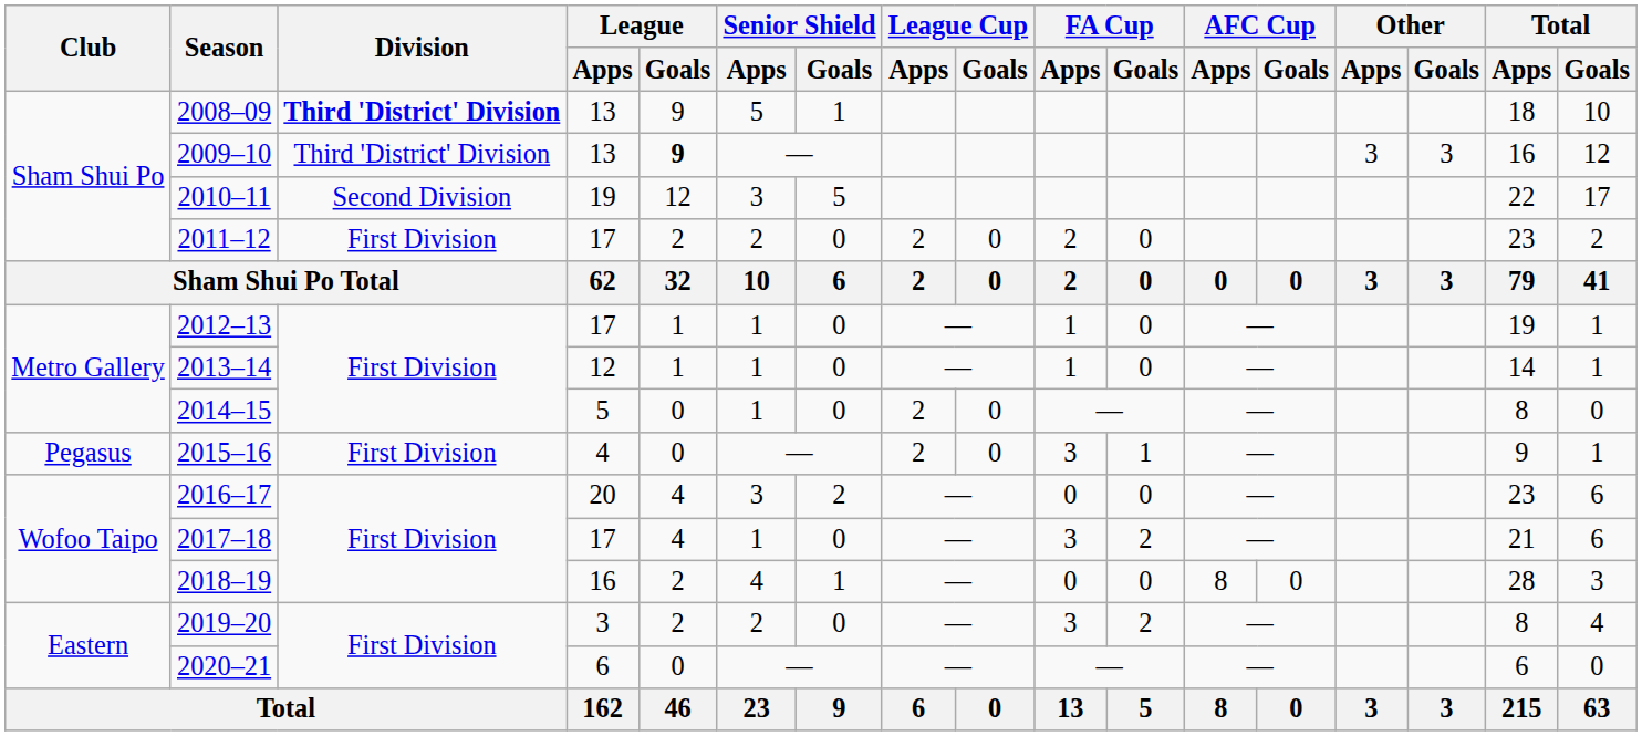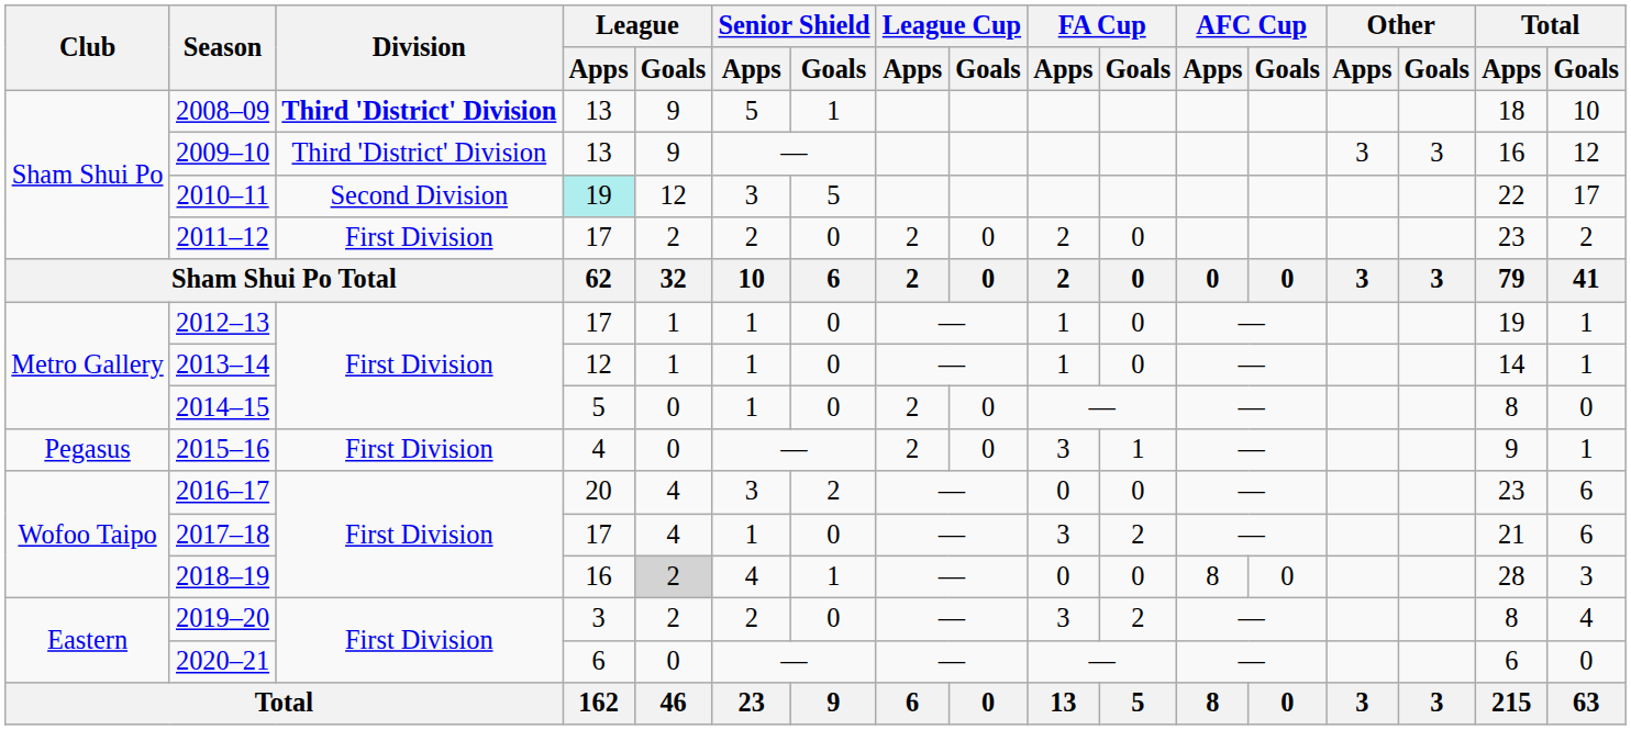 <table class="wikitable" style="text-align: center;">
 <tr>
 <th rowspan="2">Club</th>
 <th rowspan="2">Season</th>
 <th rowspan="2">Division</th>
 <th colspan="2">League</th>
 <th colspan="2"><a href='#'>Senior Shield</a></th>
 <th colspan="2"><a href='#'>League Cup</a></th>
 <th colspan="2"><a href='#'>FA Cup</a></th>
 <th colspan="2"><a href='#'>AFC Cup</a></th>
 <th colspan="2">Other</th>
 <th colspan="2">Total</th>
 </tr>
 <tr>
 <th>Apps</th>
 <th>Goals</th>
 <th>Apps</th>
 <th>Goals</th>
 <th>Apps</th>
 <th>Goals</th>
 <th>Apps</th>
 <th>Goals</th>
 <th>Apps</th>
 <th>Goals</th>
 <th>Apps</th>
 <th>Goals</th>
 <th>Apps</th>
 <th>Goals</th>
 </tr>
 <tr>
 <td rowspan="4" valign="center"><a href='#'>Sham Shui Po</a></td>
 <td><a href='#'>2008–09</a></td>
 <td><strong><a href='#'>Third 'District' Division</a></strong></td>
 <td>13</td>
 <td>9</td>
 <td>5</td>
 <td>1</td>
 <td></td>
 <td></td>
 <td></td>
 <td></td>
 <td></td>
 <td></td>
 <td></td>
 <td></td>
 <td>18</td>
 <td>10</td>
 </tr>
 <tr>
 <td><a href='#'>2009–10</a></td>
 <td><a href='#'>Third 'District' Division</a></td>
 <td>13</td>
-<td><strong>9</strong></td>
+<td>9</td>
 <td colspan="2">—</td>
 <td></td>
 <td></td>
 <td></td>
 <td></td>
 <td></td>
 <td></td>
 <td>3</td>
 <td>3</td>
 <td>16</td>
 <td>12</td>
 </tr>
 <tr>
 <td><a href='#'>2010–11</a></td>
 <td><a href='#'>Second Division</a></td>
-<td>19</td>
+<td style="background: paleturquoise;">19</td>
 <td>12</td>
 <td>3</td>
 <td>5</td>
 <td></td>
 <td></td>
 <td></td>
 <td></td>
 <td></td>
 <td></td>
 <td></td>
 <td></td>
 <td>22</td>
 <td>17</td>
 </tr>
 <tr>
 <td><a href='#'>2011–12</a></td>
 <td><a href='#'>First Division</a></td>
 <td>17</td>
 <td>2</td>
 <td>2</td>
 <td>0</td>
 <td>2</td>
 <td>0</td>
 <td>2</td>
 <td>0</td>
 <td></td>
 <td></td>
 <td></td>
 <td></td>
 <td>23</td>
 <td>2</td>
 </tr>
 <tr>
 <th colspan="3">Sham Shui Po Total</th>
 <th>62</th>
 <th>32</th>
 <th>10</th>
 <th>6</th>
 <th>2</th>
 <th>0</th>
 <th>2</th>
 <th>0</th>
 <th>0</th>
 <th>0</th>
 <th>3</th>
 <th>3</th>
 <th>79</th>
 <th>41</th>
 </tr>
 <tr>
 <td rowspan="3" valign="center"><a href='#'>Metro Gallery</a></td>
 <td><a href='#'>2012–13</a></td>
 <td rowspan="3"><a href='#'>First Division</a></td>
 <td>17</td>
 <td>1</td>
 <td>1</td>
 <td>0</td>
 <td colspan=2>—</td>
 <td>1</td>
 <td>0</td>
 <td colspan="2">—</td>
 <td></td>
 <td></td>
 <td>19</td>
 <td>1</td>
 </tr>
 <tr>
 <td><a href='#'>2013–14</a></td>
 <td>12</td>
 <td>1</td>
 <td>1</td>
 <td>0</td>
 <td colspan="2">—</td>
 <td>1</td>
 <td>0</td>
 <td colspan="2">—</td>
 <td></td>
 <td></td>
 <td>14</td>
 <td>1</td>
 </tr>
 <tr>
 <td><a href='#'>2014–15</a></td>
 <td>5</td>
 <td>0</td>
 <td>1</td>
 <td>0</td>
 <td>2</td>
 <td>0</td>
 <td colspan="2">—</td>
 <td colspan="2">—</td>
 <td></td>
 <td></td>
 <td>8</td>
 <td>0</td>
 </tr>
 <tr>
 <td><a href='#'>Pegasus</a></td>
 <td><a href='#'>2015–16</a></td>
 <td><a href='#'>First Division</a></td>
 <td>4</td>
 <td>0</td>
 <td colspan="2">—</td>
 <td>2</td>
 <td>0</td>
 <td>3</td>
 <td>1</td>
 <td colspan="2">—</td>
 <td></td>
 <td></td>
 <td>9</td>
 <td>1</td>
 </tr>
 <tr>
 <td rowspan="3"><a href='#'>Wofoo Taipo</a></td>
 <td><a href='#'>2016–17</a></td>
 <td rowspan="3"><a href='#'>First Division</a></td>
 <td>20</td>
 <td>4</td>
 <td>3</td>
 <td>2</td>
 <td colspan="2">—</td>
 <td>0</td>
 <td>0</td>
 <td colspan="2">—</td>
 <td></td>
 <td></td>
 <td>23</td>
 <td>6</td>
 </tr>
 <tr>
 <td><a href='#'>2017–18</a></td>
 <td>17</td>
 <td>4</td>
 <td>1</td>
 <td>0</td>
 <td colspan="2">—</td>
 <td>3</td>
 <td>2</td>
 <td colspan="2">—</td>
 <td></td>
 <td></td>
 <td>21</td>
 <td>6</td>
 </tr>
 <tr>
 <td><a href='#'>2018–19</a></td>
 <td>16</td>
-<td>2</td>
+<td style="background: lightgrey;">2</td>
 <td>4</td>
 <td>1</td>
 <td colspan="2">—</td>
 <td>0</td>
 <td>0</td>
 <td>8</td>
 <td>0</td>
 <td></td>
 <td></td>
 <td>28</td>
 <td>3</td>
 </tr>
 <tr>
 <td rowspan="2"><a href='#'>Eastern</a></td>
 <td><a href='#'>2019–20</a></td>
 <td rowspan="2"><a href='#'>First Division</a></td>
 <td>3</td>
 <td>2</td>
 <td>2</td>
 <td>0</td>
 <td colspan="2">—</td>
 <td>3</td>
 <td>2</td>
 <td colspan="2">—</td>
 <td></td>
 <td></td>
 <td>8</td>
 <td>4</td>
 </tr>
 <tr>
 <td><a href='#'>2020–21</a></td>
 <td>6</td>
 <td>0</td>
 <td colspan="2">—</td>
 <td colspan="2">—</td>
 <td colspan="2">—</td>
 <td colspan="2">—</td>
 <td></td>
 <td></td>
 <td>6</td>
 <td>0</td>
 </tr>
 <tr>
 <th colspan="3">Total</th>
 <th>162</th>
 <th>46</th>
 <th>23</th>
 <th>9</th>
 <th>6</th>
 <th>0</th>
 <th>13</th>
 <th>5</th>
 <th>8</th>
 <th>0</th>
 <th>3</th>
 <th>3</th>
 <th>215</th>
 <th>63</th>
 </tr>
 </table>
